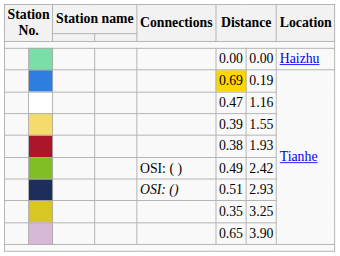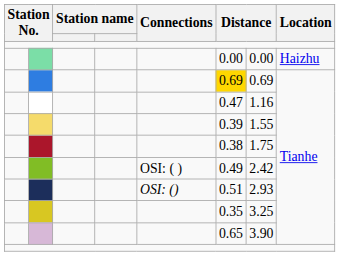 <table class="wikitable">
 <tr>
 <th rowspan="2" colspan="2">Station<br>No.</th>
 <th colspan="2">Station name</th>
 <th rowspan="2">Connections</th>
 <th colspan="2" rowspan="2">Distance<br></th>
 <th rowspan="2">Location</th>
 </tr>
 <tr>
 <th></th>
 <th></th>
 </tr>
 <tr style="background:#">
 <td colspan = "8"></td>
 </tr>
 <tr>
 <td></td>
 <td style="background:#7BDEA7"></td>
 <td></td>
 <td></td>
 <td> </td>
 <td>0.00</td>
 <td>0.00</td>
 <td><a href='#'>Haizhu</a></td>
 </tr>
 <tr>
 <td></td>
 <td style="background:#2E7DE1"></td>
 <td></td>
 <td></td>
 <td></td>
 <td style="background: gold;">0.69</td>
-<td>0.19</td>
+<td>0.69</td>
 <td rowspan=8><a href='#'>Tianhe</a></td>
 </tr>
 <tr>
 <td></td>
 <td style="background:#FFFFFF"></td>
 <td></td>
 <td></td>
 <td></td>
 <td>0.47</td>
 <td>1.16</td>
 </tr>
 <tr>
 <td></td>
 <td style="background:#F5DB6B"></td>
 <td></td>
 <td></td>
 <td></td>
 <td>0.39</td>
 <td>1.55</td>
 </tr>
 <tr>
 <td></td>
 <td style="background:#AB162B"></td>
 <td></td>
 <td></td>
 <td></td>
 <td>0.38</td>
-<td>1.93</td>
+<td>1.75</td>
 </tr>
 <tr>
 <td></td>
 <td style="background:#81BD25"></td>
 <td></td>
 <td></td>
 <td>OSI: (    )</td>
 <td>0.49</td>
 <td>2.42</td>
 </tr>
 <tr>
 <td></td>
 <td style="background:#1C2E5B"></td>
 <td></td>
 <td></td>
 <td><em>OSI:  ()</em></td>
 <td>0.51</td>
 <td>2.93</td>
 </tr>
 <tr>
 <td></td>
 <td style="background:#D8C722"></td>
 <td></td>
 <td></td>
 <td></td>
 <td>0.35</td>
 <td>3.25</td>
 </tr>
 <tr>
 <td></td>
 <td style="background:#D7B8D7"></td>
 <td></td>
 <td></td>
 <td> </td>
 <td>0.65</td>
 <td>3.90</td>
 </tr>
 <tr style="background:#">
 <td colspan = "8"></td>
 </tr>
 </table>
